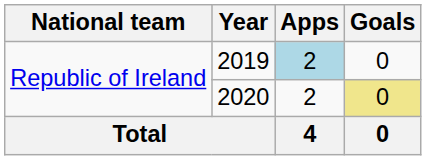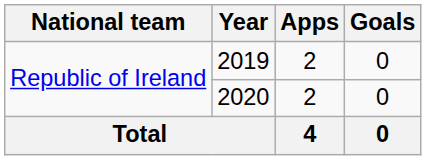 <table class="wikitable" style="text-align:center">
 <tr>
 <th>National team</th>
 <th>Year</th>
 <th>Apps</th>
 <th>Goals</th>
 </tr>
 <tr>
 <td rowspan="2"><a href='#'>Republic of Ireland</a></td>
 <td>2019</td>
-<td style="background: lightblue;">2</td>
+<td>2</td>
 <td>0</td>
 </tr>
 <tr>
 <td>2020</td>
 <td>2</td>
-<td style="background: khaki;">0</td>
+<td>0</td>
 </tr>
 <tr>
 <th colspan="2">Total</th>
 <th>4</th>
 <th>0</th>
 </tr>
 </table>
